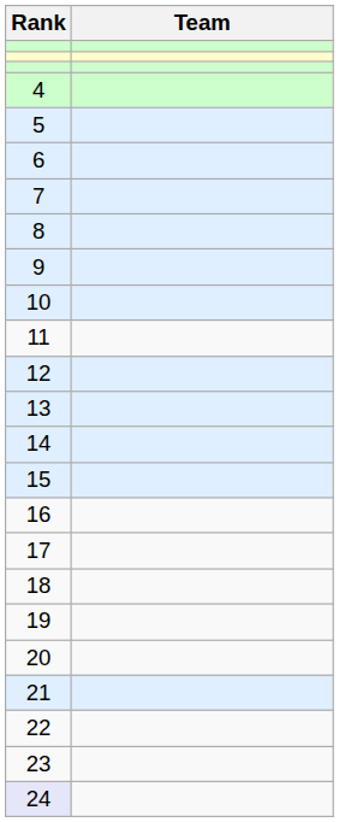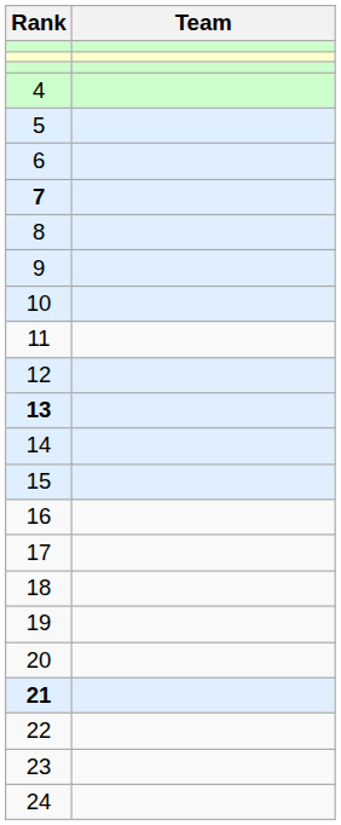 <table class="wikitable" style="text-align: center;">
 <tr>
 <th style="width: 40px;">Rank</th>
 <th style="width: 180px;">Team</th>
 </tr>
 <tr bgcolor=#ccffcc>
 <td></td>
 <td style="text-align:left;"></td>
 </tr>
 <tr bgcolor=#ffffcc>
 <td></td>
 <td style="text-align:left;"></td>
 </tr>
 <tr bgcolor=#ccffcc>
 <td></td>
 <td style="text-align:left;"></td>
 </tr>
 <tr bgcolor=#ccffcc>
 <td>4</td>
 <td style="text-align:left;"></td>
 </tr>
 <tr bgcolor=#dfefff>
 <td>5</td>
 <td style="text-align:left;"></td>
 </tr>
 <tr bgcolor=#dfefff>
 <td>6</td>
 <td style="text-align:left;"></td>
 </tr>
 <tr bgcolor=#dfefff>
-<td>7</td>
+<td><strong>7</strong></td>
 <td style="text-align:left;"></td>
 </tr>
 <tr bgcolor=#dfefff>
 <td>8</td>
 <td style="text-align:left;"></td>
 </tr>
 <tr bgcolor=#dfefff>
 <td>9</td>
 <td style="text-align:left;"></td>
 </tr>
 <tr bgcolor=#dfefff>
 <td>10</td>
 <td style="text-align:left;"></td>
 </tr>
 <tr>
 <td>11</td>
 <td style="text-align:left;"></td>
 </tr>
 <tr bgcolor=#dfefff>
 <td>12</td>
 <td style="text-align:left;"></td>
 </tr>
 <tr bgcolor=#dfefff>
-<td>13</td>
+<td><strong>13</strong></td>
 <td style="text-align:left;"></td>
 </tr>
 <tr bgcolor=#dfefff>
 <td>14</td>
 <td style="text-align:left;"></td>
 </tr>
 <tr bgcolor=#dfefff>
 <td>15</td>
 <td style="text-align:left;"></td>
 </tr>
 <tr>
 <td>16</td>
 <td style="text-align:left;"></td>
 </tr>
 <tr>
 <td>17</td>
 <td style="text-align:left;"></td>
 </tr>
 <tr>
 <td>18</td>
 <td style="text-align:left;"></td>
 </tr>
 <tr>
 <td>19</td>
 <td style="text-align:left;"></td>
 </tr>
 <tr>
 <td>20</td>
 <td style="text-align:left;"></td>
 </tr>
 <tr bgcolor=#dfefff>
-<td>21</td>
+<td><strong>21</strong></td>
 <td style="text-align:left;"></td>
 </tr>
 <tr>
 <td>22</td>
 <td style="text-align:left;"></td>
 </tr>
 <tr>
 <td>23</td>
 <td style="text-align:left;"></td>
 </tr>
 <tr>
-<td style="background: lavender;">24</td>
+<td>24</td>
 <td style="text-align:left;"></td>
 </tr>
 </table>
